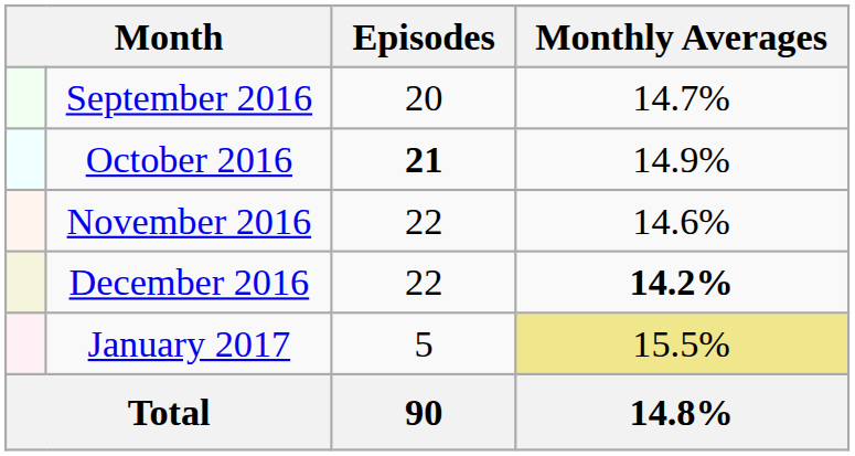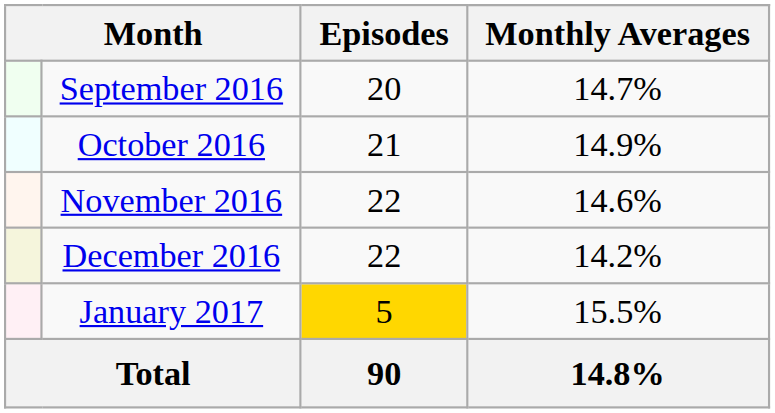 <table class="wikitable plainrowheaders" style="text-align: center; line-height:25px;">
 <tr class="wikitable" style="text-align: center;">
 <th colspan="2" rowspan="2" style="padding: 0 8px;">Month</th>
 <th rowspan="2" style="padding: 0 8px;">Episodes</th>
 </tr>
 <tr>
 <th style="padding: 0 8px;">Monthly Averages</th>
 </tr>
 <tr>
 <td style="padding: 0 8px; background:#F0FFF0;"></td>
 <td style="padding: 0 8px;" '><a href='#'>September 2016</a></td>
 <td style="padding: 0 8px;">20</td>
 <td style="padding: 0 8px;">14.7%</td>
 </tr>
 <tr>
 <td style="padding: 0 8px; background:#F0FFFF;"></td>
 <td style="padding: 0 8px;" '><a href='#'>October 2016</a></td>
-<td style="padding: 0 8px;"><strong>21</strong></td>
+<td style="padding: 0 8px;">21</td>
 <td style="padding: 0 8px;">14.9%</td>
 </tr>
 <tr>
 <td style="padding: 0 8px; background:#FFF5EE;"></td>
 <td style="padding: 0 8px;" '><a href='#'>November 2016</a></td>
 <td style="padding: 0 8px;">22</td>
 <td style="padding: 0 8px;">14.6%</td>
 </tr>
 <tr>
 <td style="padding: 0 8px; background:#F5F5DC;"></td>
 <td style="padding: 0 8px;" '><a href='#'>December 2016</a></td>
 <td style="padding: 0 8px;">22</td>
-<td style="padding: 0 8px;"><strong>14.2%</strong></td>
+<td style="padding: 0 8px;">14.2%</td>
 </tr>
 <tr>
 <td style="padding: 0 8px; background:#FFF0F5;"></td>
 <td style="padding: 0 8px;" '><a href='#'>January 2017</a></td>
-<td style="padding: 0 8px;">5</td>
-<td style="background: khaki; padding: 0 8px;">15.5%</td>
+<td style="background: gold; padding: 0 8px;">5</td>
+<td style="padding: 0 8px;">15.5%</td>
 </tr>
 <tr>
 <th colspan="2">Total</th>
 <th colspan="1">90</th>
 <th colspan="2">14.8%</th>
 </tr>
 </table>
